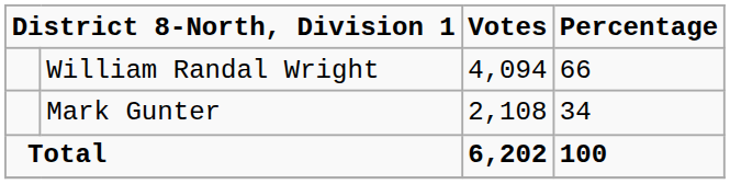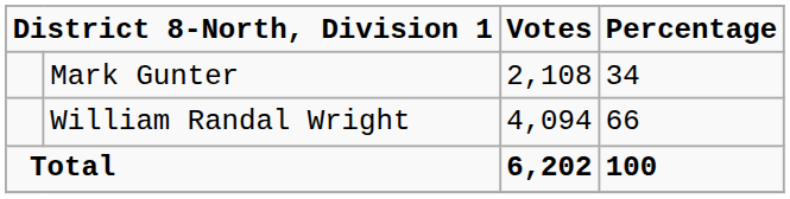 <table class="wikitable">
 <tr>
 <td colspan="2" rowspan="1" align="center" valign="top"><strong>District 8-North, Division 1</strong></td>
 <td style="vertical-align:top;"><strong>Votes</strong><br></td>
 <td style="vertical-align:top;"><strong>Percentage</strong><br></td>
 </tr>
 <tr>
 <td style="background-color:"> </td>
+<td>Mark Gunter</td>
+<td>2,108</td>
+<td>34</td>
+</tr>
+<tr>
+<td style="background-color:"> </td>
 <td>William Randal Wright</td>
 <td>4,094</td>
 <td>66</td>
-</tr>
-<tr>
-<td style="background-color:"> </td>
-<td>Mark Gunter</td>
-<td>2,108</td>
-<td>34</td>
 </tr>
 <tr>
 <td colspan="2" rowspan="1"> <strong>Total</strong><br></td>
 <td><strong>6,202</strong></td>
 <td><strong>100</strong></td>
 </tr>
 <tr>
 </tr>
 </table>
